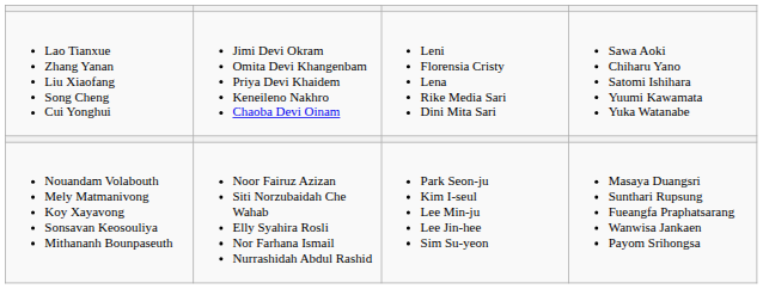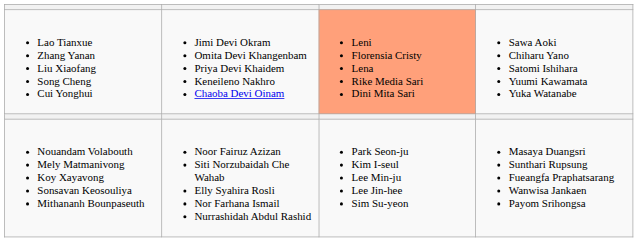 <table class="wikitable" style="font-size:90%">
 <tr>
 <th width=200></th>
 <th width=200></th>
 <th width=200></th>
 <th width=200></th>
 </tr>
 <tr>
 <td valign=top><br><ul><li>Lao Tianxue</li><li>Zhang Yanan</li><li>Liu Xiaofang</li><li>Song Cheng</li><li>Cui Yonghui</li></ul></td>
 <td valign=top><br><ul><li>Jimi Devi Okram</li><li>Omita Devi Khangenbam</li><li>Priya Devi Khaidem</li><li>Keneileno Nakhro</li><li><a href='#'>Chaoba Devi Oinam</a></li></ul></td>
-<td valign=top><br><ul><li>Leni</li><li>Florensia Cristy</li><li>Lena</li><li>Rike Media Sari</li><li>Dini Mita Sari</li></ul></td>
+<td valign=top style="background: lightsalmon;"><br><ul><li>Leni</li><li>Florensia Cristy</li><li>Lena</li><li>Rike Media Sari</li><li>Dini Mita Sari</li></ul></td>
 <td valign=top><br><ul><li>Sawa Aoki</li><li>Chiharu Yano</li><li>Satomi Ishihara</li><li>Yuumi Kawamata</li><li>Yuka Watanabe</li></ul></td>
 </tr>
 <tr>
 <th></th>
 <th></th>
 <th></th>
 <th></th>
 </tr>
 <tr>
 <td valign=top><br><ul><li>Nouandam Volabouth</li><li>Mely Matmanivong</li><li>Koy Xayavong</li><li>Sonsavan Keosouliya</li><li>Mithananh Bounpaseuth</li></ul></td>
 <td valign=top><br><ul><li>Noor Fairuz Azizan</li><li>Siti Norzubaidah Che Wahab</li><li>Elly Syahira Rosli</li><li>Nor Farhana Ismail</li><li>Nurrashidah Abdul Rashid</li></ul></td>
 <td valign=top><br><ul><li>Park Seon-ju</li><li>Kim I-seul</li><li>Lee Min-ju</li><li>Lee Jin-hee</li><li>Sim Su-yeon</li></ul></td>
 <td valign=top><br><ul><li>Masaya Duangsri</li><li>Sunthari Rupsung</li><li>Fueangfa Praphatsarang</li><li>Wanwisa Jankaen</li><li>Payom Srihongsa</li></ul></td>
 </tr>
 </table>
